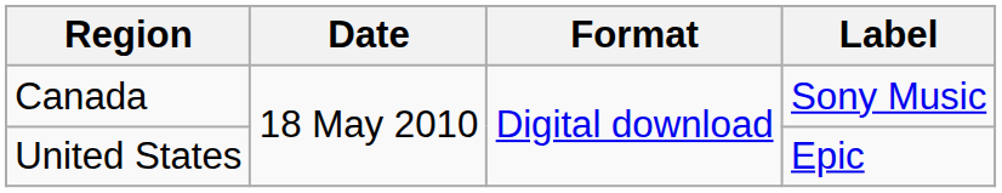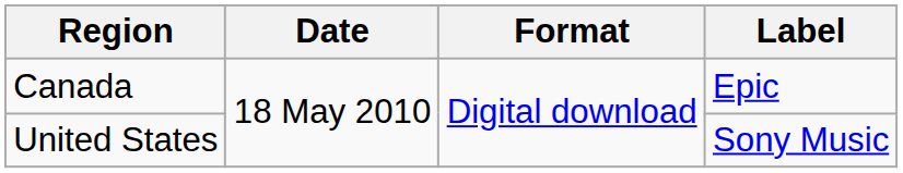 <table class="wikitable">
 <tr>
 <th>Region</th>
 <th>Date</th>
 <th>Format</th>
 <th>Label</th>
 </tr>
 <tr>
 <td>Canada</td>
 <td rowspan="2">18 May 2010</td>
 <td rowspan="2"><a href='#'>Digital download</a></td>
-<td><a href='#'>Sony Music</a></td>
+<td><a href='#'>Epic</a></td>
 </tr>
 <tr>
 <td>United States</td>
-<td><a href='#'>Epic</a></td>
+<td><a href='#'>Sony Music</a></td>
 </tr>
 </table>
